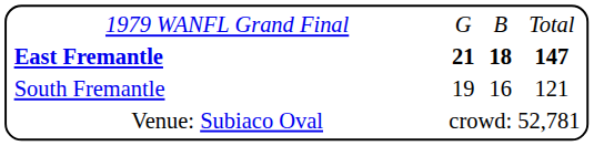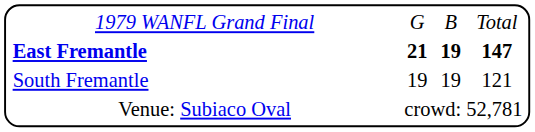 <table style="margin-right:4px; margin-top:8px; float:right; border:1px #000 solid; border-radius:8px; background:#fff; font-family:Verdana; font-size:8pt; text-align:center;">
 <tr>
 <td width=200><em><a href='#'>1979 WANFL Grand Final</a></em></td>
 <td><em>G</em></td>
 <td><em>B</em></td>
 <td><em>Total</em></td>
 </tr>
 <tr>
 <td style="text-align:left"><strong><a href='#'>East Fremantle</a></strong></td>
 <td><strong>21</strong></td>
-<td><strong>18</strong></td>
+<td><strong>19</strong></td>
 <td><strong>147</strong></td>
 </tr>
 <tr>
 <td style="text-align:left"><a href='#'>South Fremantle</a></td>
 <td>19</td>
-<td>16</td>
+<td>19</td>
 <td>121</td>
 </tr>
 <tr>
 <td>Venue: <a href='#'>Subiaco Oval</a></td>
 <td colspan=3>crowd: 52,781</td>
 </tr>
 </table>
